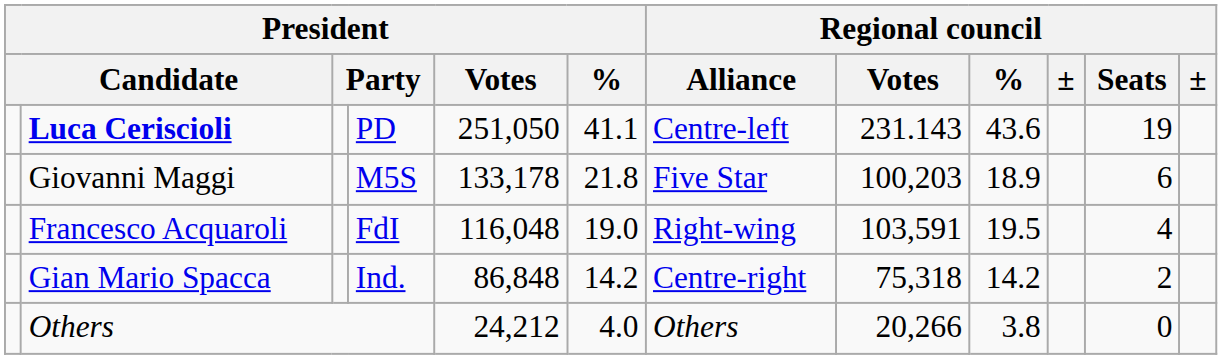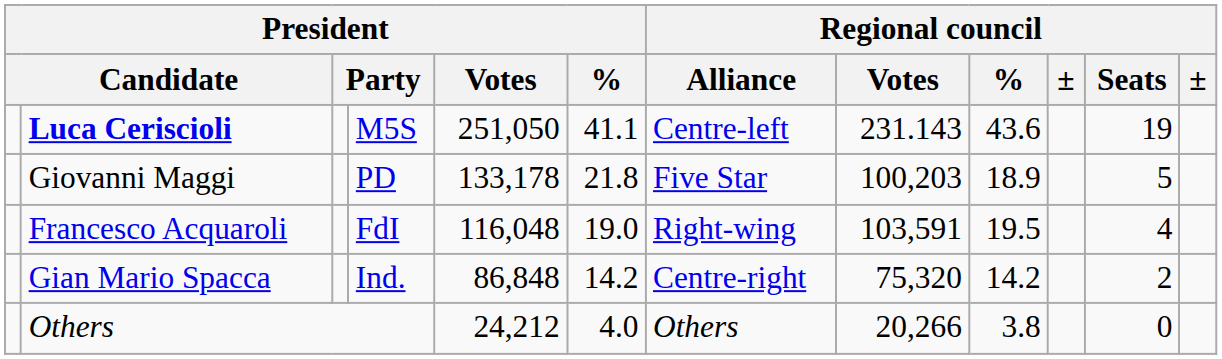 <table class="wikitable" style="text-align:right; style="width=70%">
 <tr>
 <th colspan="6">President</th>
 <th colspan="6">Regional council</th>
 </tr>
 <tr>
 <th colspan="2">Candidate</th>
 <th colspan="2">Party</th>
 <th>Votes</th>
 <th>%</th>
 <th>Alliance</th>
 <th>Votes</th>
 <th>%</th>
 <th>±</th>
 <th>Seats</th>
 <th>±</th>
 </tr>
 <tr>
 <td></td>
 <td style="text-align:left"><strong><a href='#'>Luca Ceriscioli</a></strong></td>
 <td></td>
-<td style="text-align:left"><a href='#'>PD</a></td>
+<td style="text-align:left"><a href='#'>M5S</a></td>
 <td>251,050</td>
 <td>41.1</td>
 <td style="text-align:left"><a href='#'>Centre-left</a></td>
 <td>231.143</td>
 <td>43.6</td>
 <td></td>
 <td>19</td>
 <td></td>
 </tr>
 <tr>
 <td></td>
 <td style="text-align:left">Giovanni Maggi</td>
 <td></td>
-<td style="text-align:left"><a href='#'>M5S</a></td>
+<td style="text-align:left"><a href='#'>PD</a></td>
 <td>133,178</td>
 <td>21.8</td>
 <td style="text-align:left"><a href='#'>Five Star</a></td>
 <td>100,203</td>
 <td>18.9</td>
 <td></td>
-<td>6</td>
+<td>5</td>
 <td></td>
 </tr>
 <tr>
 <td></td>
 <td style="text-align:left"><a href='#'>Francesco Acquaroli</a></td>
 <td></td>
 <td style="text-align:left"><a href='#'>FdI</a></td>
 <td>116,048</td>
 <td>19.0</td>
 <td style="text-align:left"><a href='#'>Right-wing</a></td>
 <td>103,591</td>
 <td>19.5</td>
 <td></td>
 <td>4</td>
 <td></td>
 </tr>
 <tr>
 <td></td>
 <td style="text-align:left"><a href='#'>Gian Mario Spacca</a></td>
 <td></td>
 <td style="text-align:left"><a href='#'>Ind.</a></td>
 <td>86,848</td>
 <td>14.2</td>
 <td style="text-align:left"><a href='#'>Centre-right</a></td>
-<td>75,318</td>
+<td>75,320</td>
 <td>14.2</td>
 <td></td>
 <td>2</td>
 <td></td>
 </tr>
 <tr>
 <td></td>
 <td colspan="3" style="text-align:left"><em>Others</em></td>
 <td>24,212</td>
 <td>4.0</td>
 <td style="text-align:left"><em>Others</em></td>
 <td>20,266</td>
 <td>3.8</td>
 <td></td>
 <td>0</td>
 <td></td>
 </tr>
 </table>
